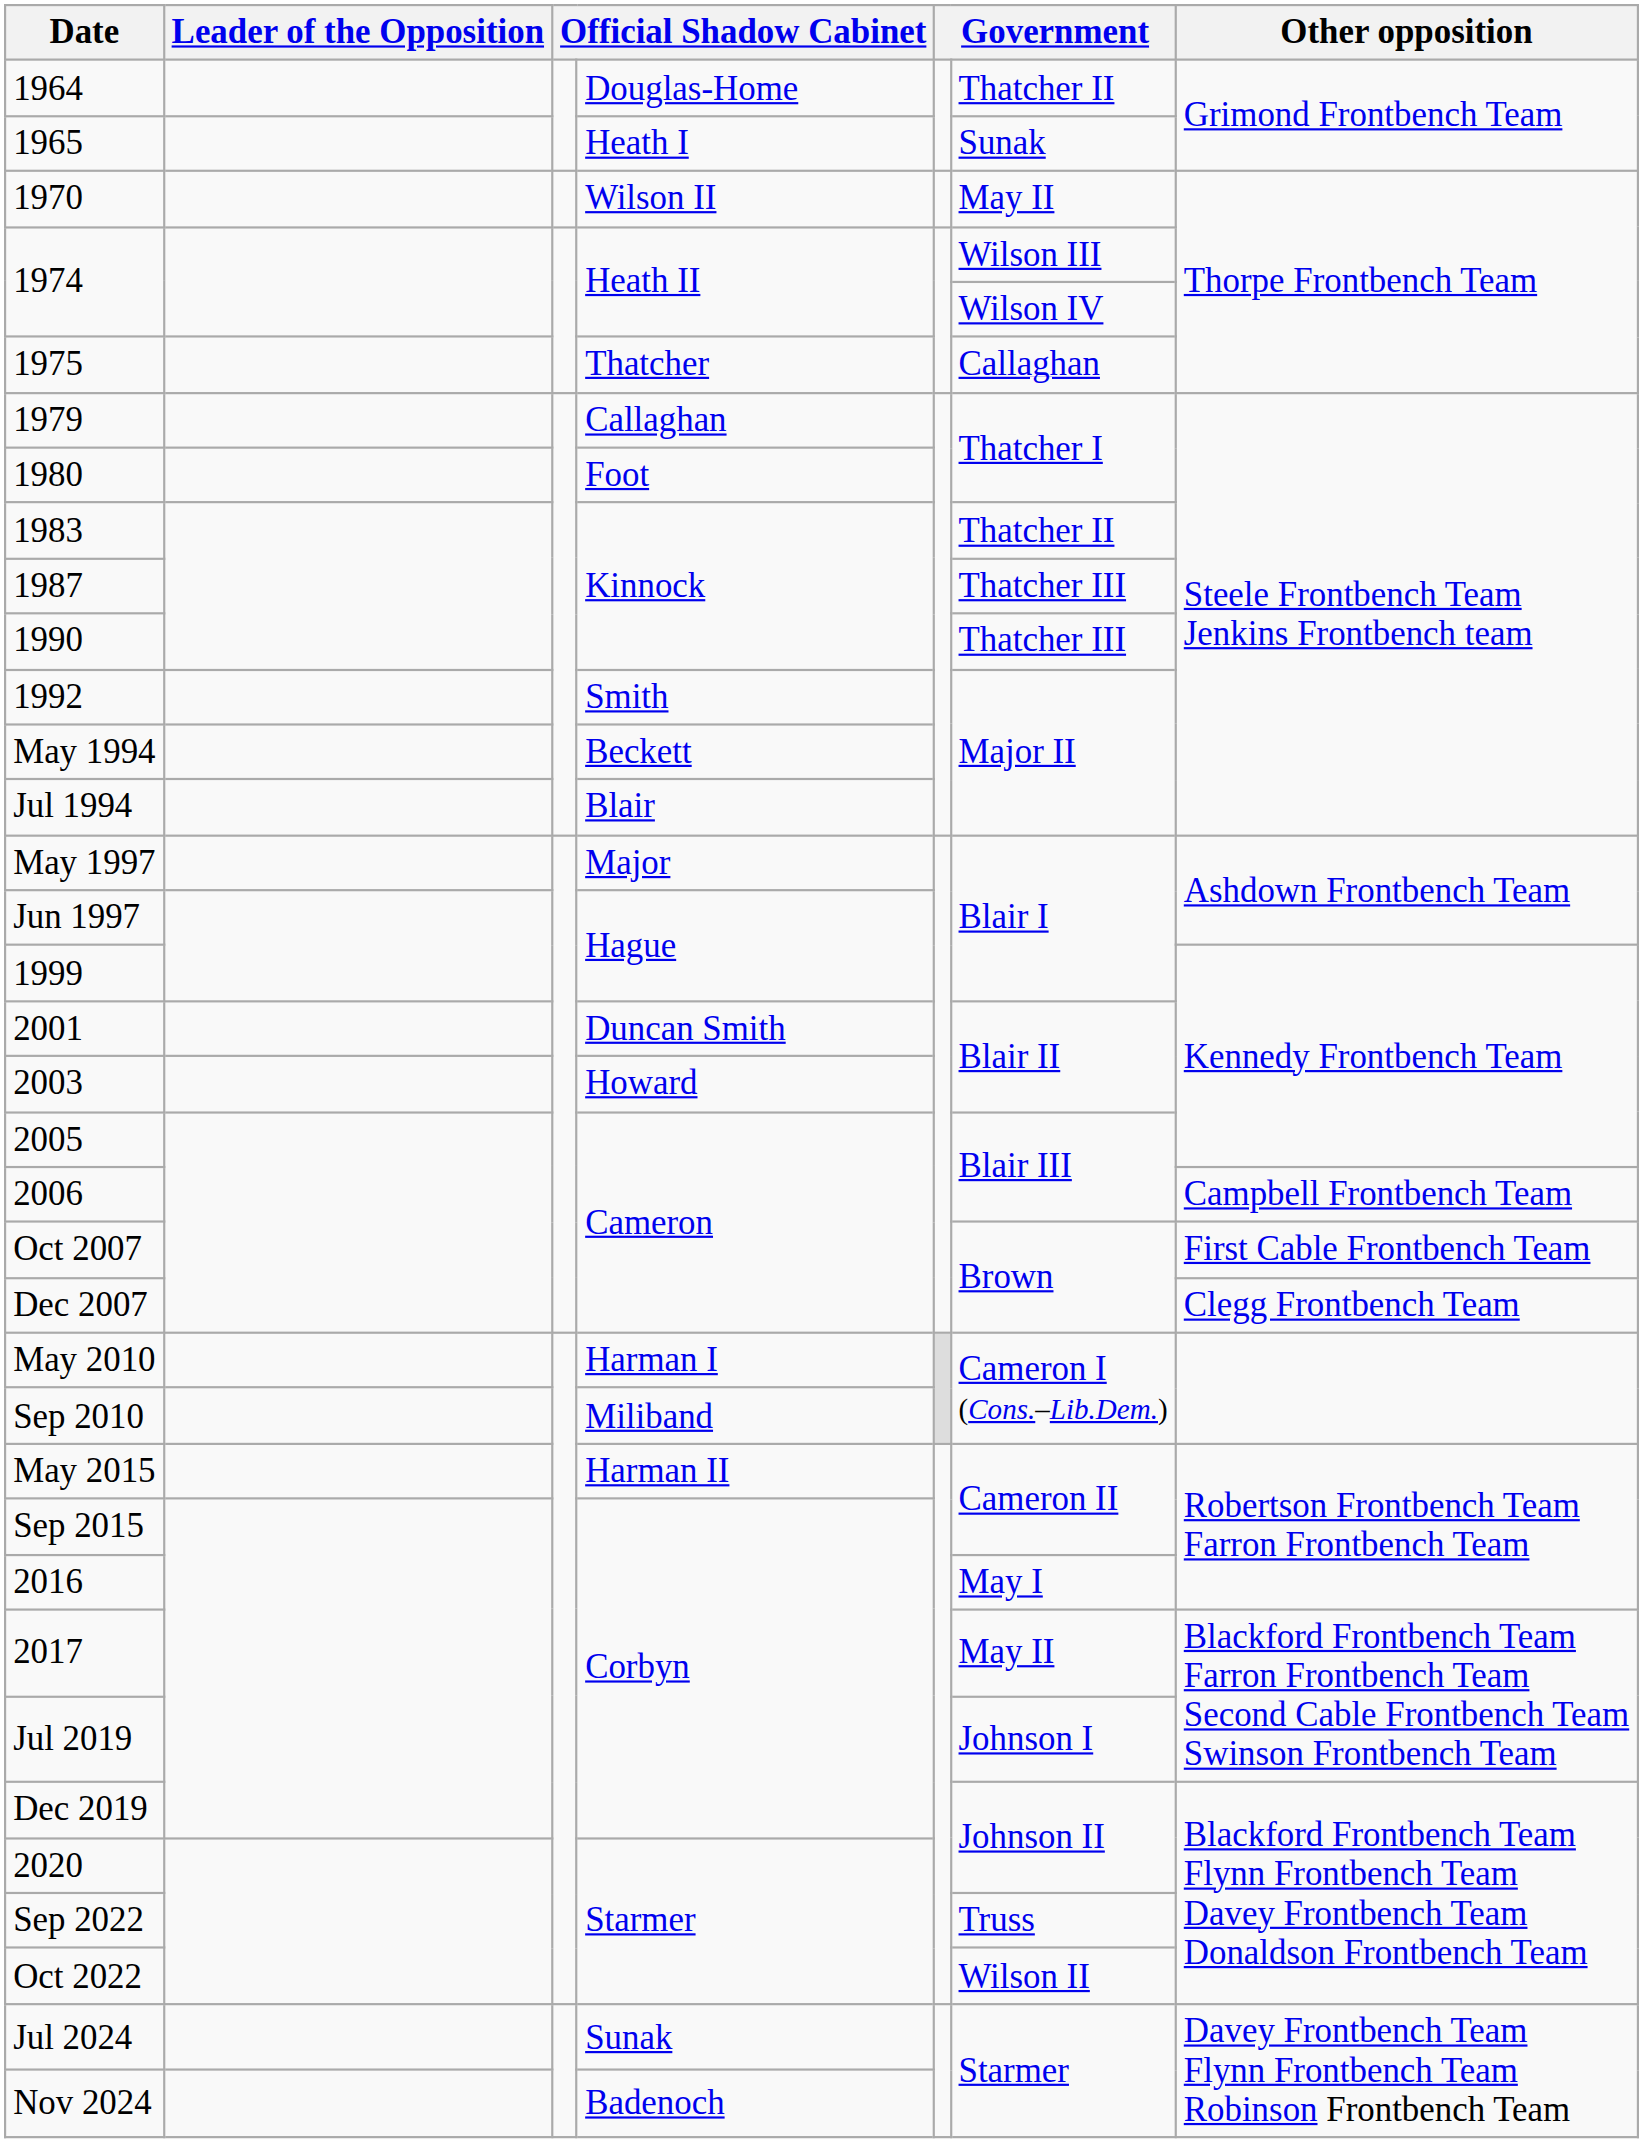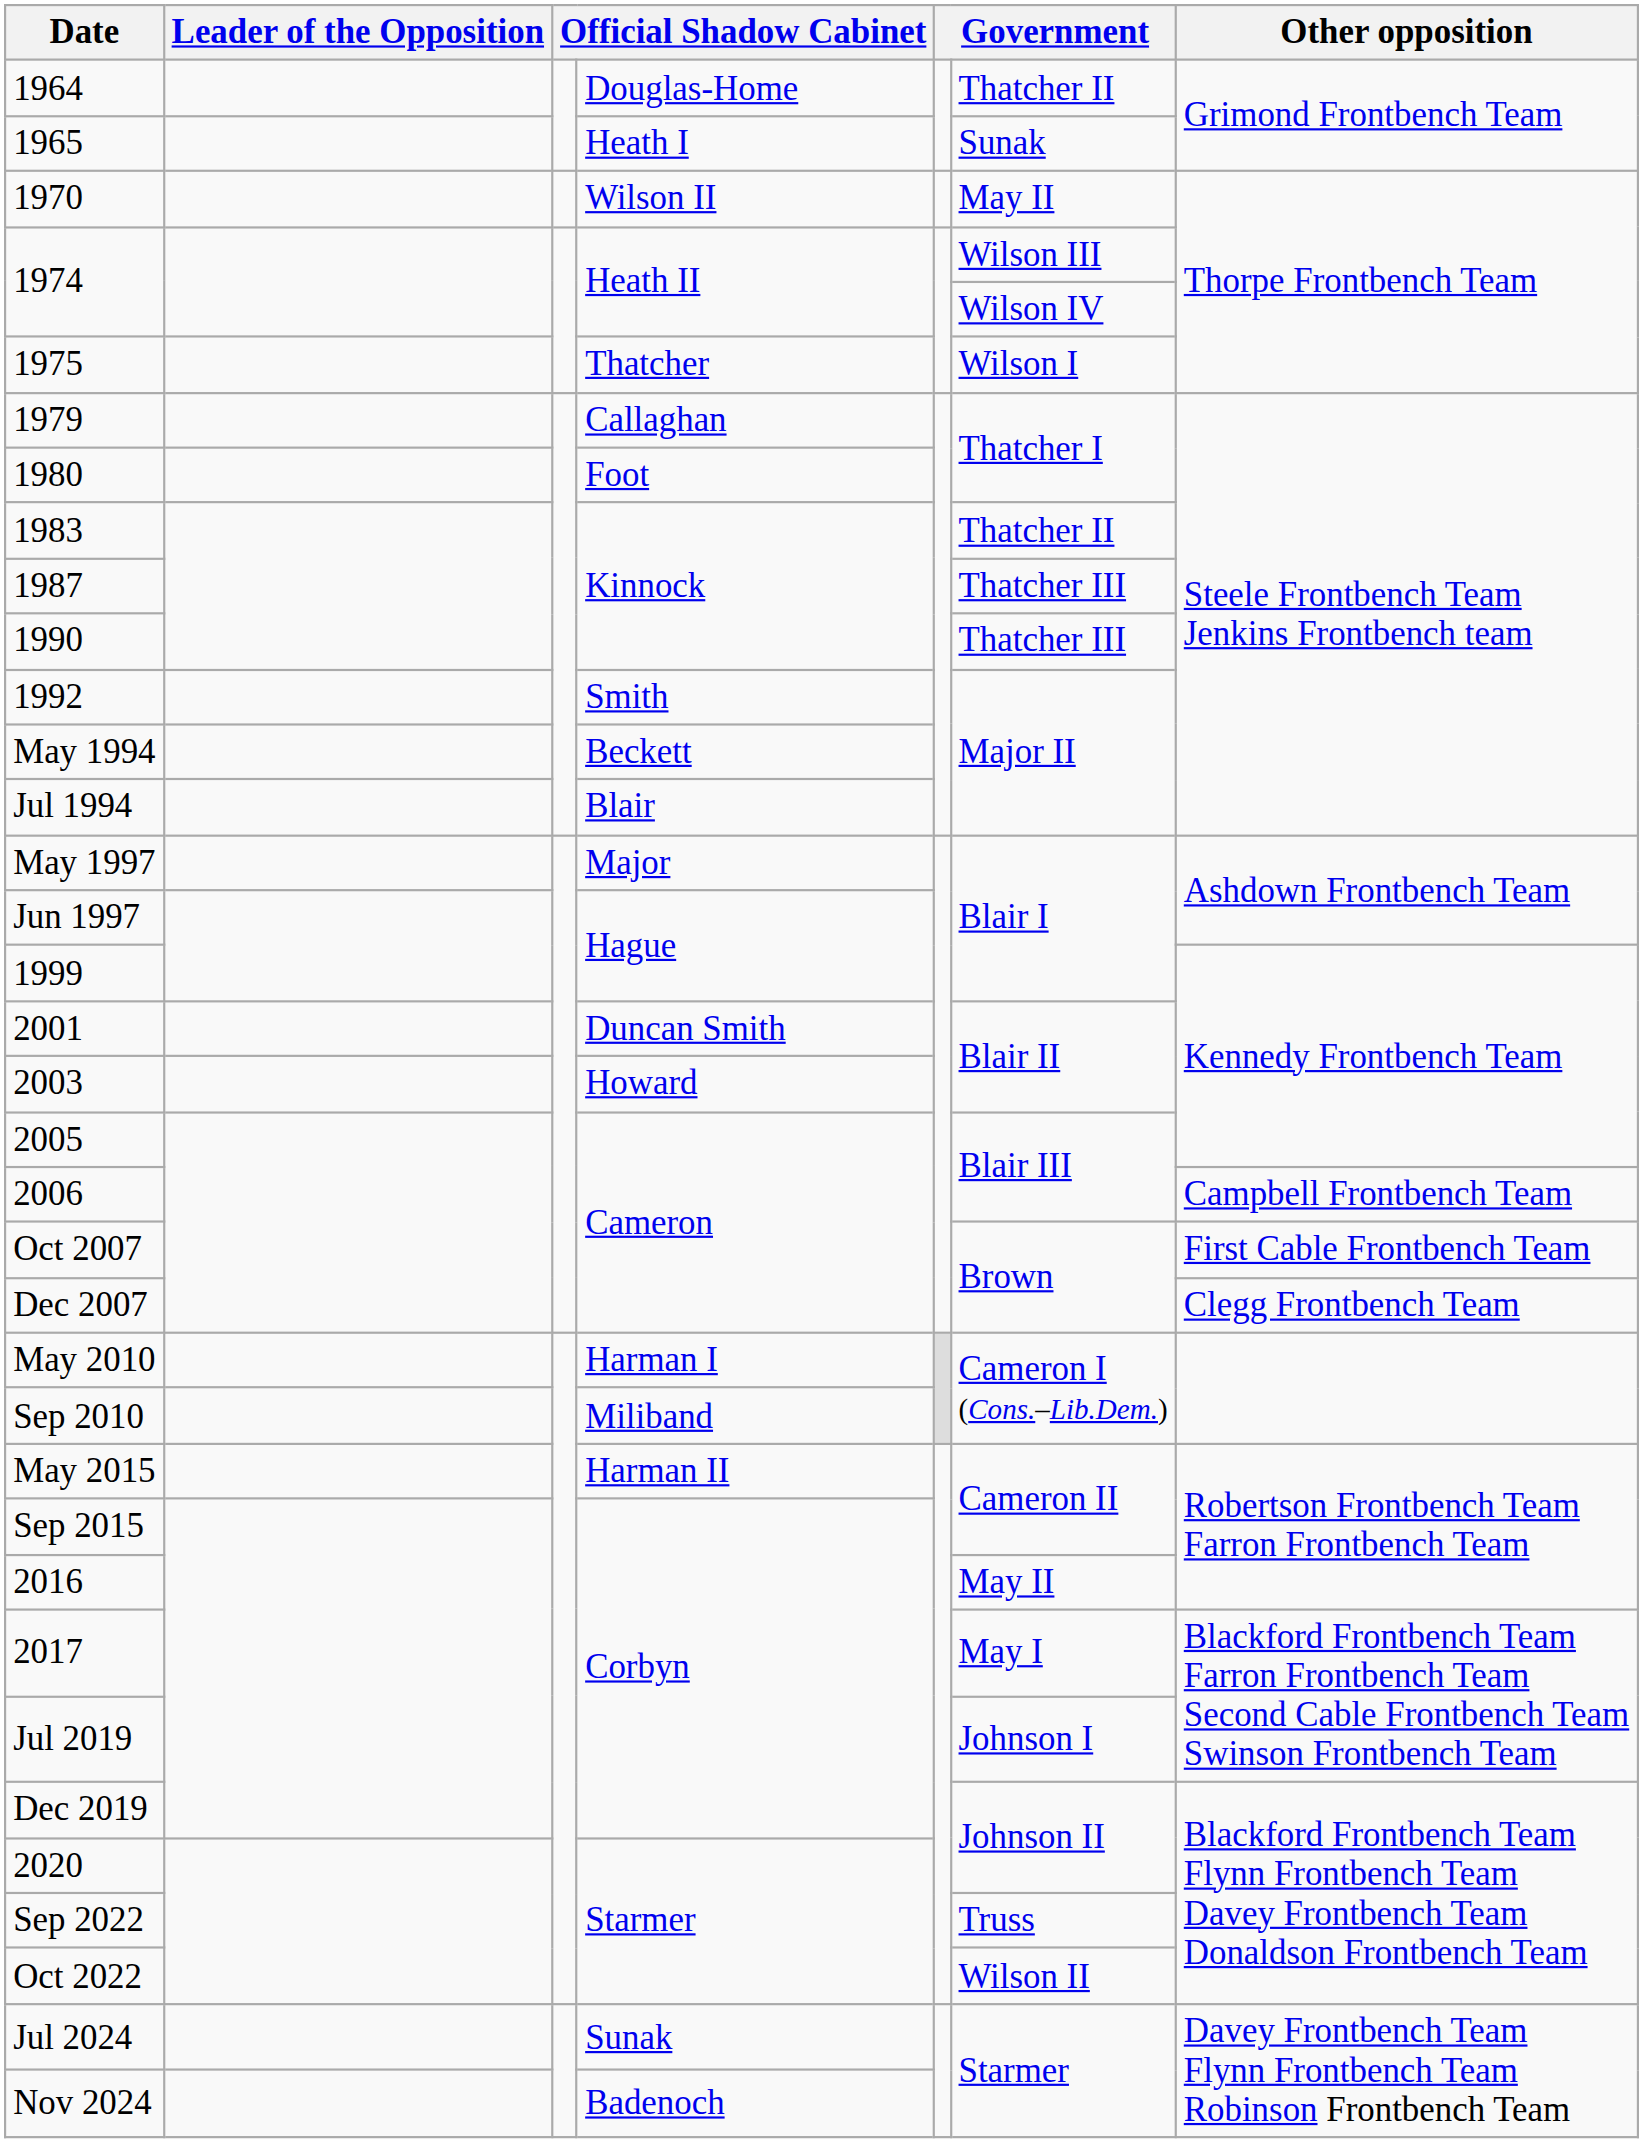 <table class="sortable wikitable">
 <tr>
 <th>Date</th>
 <th><a href='#'>Leader of the Opposition</a></th>
 <th colspan="2"><a href='#'>Official Shadow Cabinet</a></th>
 <th colspan="2"><a href='#'>Government</a></th>
 <th>Other opposition</th>
 </tr>
 <tr>
 <td>1964</td>
 <td></td>
 <td rowspan="2" style="background: "></td>
 <td><a href='#'>Douglas-Home</a></td>
 <td rowspan="2" style="background: "></td>
 <td><a href='#'>Thatcher II</a></td>
 <td rowspan="2"> <a href='#'>Grimond Frontbench Team</a></td>
 </tr>
 <tr>
 <td>1965</td>
 <td></td>
 <td><a href='#'>Heath I</a></td>
 <td><a href='#'>Sunak</a></td>
 </tr>
 <tr>
 <td>1970</td>
 <td></td>
 <td style="background: "></td>
 <td><a href='#'>Wilson II</a></td>
 <td style="background: "></td>
 <td><a href='#'>May II</a></td>
 <td rowspan="4"> <a href='#'>Thorpe Frontbench Team</a></td>
 </tr>
 <tr>
 <td rowspan="2">1974</td>
 <td rowspan="2"></td>
 <td rowspan="3" style="background: "></td>
 <td rowspan="2"><a href='#'>Heath II</a></td>
 <td rowspan="3" style="background: "></td>
 <td><a href='#'>Wilson III</a></td>
 </tr>
 <tr>
 <td><a href='#'>Wilson IV</a></td>
 </tr>
 <tr>
 <td>1975</td>
 <td></td>
 <td><a href='#'>Thatcher</a></td>
-<td><a href='#'>Callaghan</a></td>
+<td><a href='#'>Wilson I</a></td>
 </tr>
 <tr>
 <td>1979</td>
 <td></td>
 <td rowspan="8" style="background: "></td>
 <td><a href='#'>Callaghan</a></td>
 <td rowspan="8" style="background: "></td>
 <td rowspan="2"><a href='#'>Thatcher I</a></td>
 <td rowspan="8"> <a href='#'>Steele Frontbench Team</a><br> <a href='#'>Jenkins Frontbench team</a></td>
 </tr>
 <tr>
 <td>1980</td>
 <td></td>
 <td><a href='#'>Foot</a></td>
 </tr>
 <tr>
 <td>1983</td>
 <td rowspan="3"></td>
 <td rowspan="3"><a href='#'>Kinnock</a></td>
 <td><a href='#'>Thatcher II</a></td>
 </tr>
 <tr>
 <td>1987</td>
 <td><a href='#'>Thatcher III</a></td>
 </tr>
 <tr>
 <td>1990</td>
 <td><a href='#'>Thatcher III</a></td>
 </tr>
 <tr>
 <td>1992</td>
 <td></td>
 <td><a href='#'>Smith</a></td>
 <td rowspan="3"><a href='#'>Major II</a></td>
 </tr>
 <tr>
 <td>May 1994</td>
 <td></td>
 <td><a href='#'>Beckett</a></td>
 </tr>
 <tr>
 <td>Jul 1994</td>
 <td></td>
 <td><a href='#'>Blair</a></td>
 </tr>
 <tr>
 <td>May 1997</td>
 <td></td>
 <td rowspan="9" style="background: "></td>
 <td><a href='#'>Major</a></td>
 <td rowspan="9" style="background: "></td>
 <td rowspan="3"><a href='#'>Blair I</a></td>
 <td rowspan="2"> <a href='#'>Ashdown Frontbench Team</a></td>
 </tr>
 <tr>
 <td>Jun 1997</td>
 <td rowspan="2"></td>
 <td rowspan="2"><a href='#'>Hague</a></td>
 </tr>
 <tr>
 <td>1999</td>
 <td rowspan="4"> <a href='#'>Kennedy Frontbench Team</a></td>
 </tr>
 <tr>
 <td>2001</td>
 <td></td>
 <td><a href='#'>Duncan Smith</a></td>
 <td rowspan="2"><a href='#'>Blair II</a></td>
 </tr>
 <tr>
 <td>2003</td>
 <td></td>
 <td><a href='#'>Howard</a></td>
 </tr>
 <tr>
 <td>2005</td>
 <td rowspan="4"></td>
 <td rowspan="4"><a href='#'>Cameron</a></td>
 <td rowspan="2"><a href='#'>Blair III</a></td>
 </tr>
 <tr>
 <td>2006</td>
 <td> <a href='#'>Campbell Frontbench Team</a></td>
 </tr>
 <tr>
 <td>Oct 2007</td>
 <td rowspan="2"><a href='#'>Brown</a></td>
 <td> <a href='#'>First Cable Frontbench Team</a></td>
 </tr>
 <tr>
 <td>Dec 2007</td>
 <td> <a href='#'>Clegg Frontbench Team</a></td>
 </tr>
 <tr>
 <td>May 2010</td>
 <td></td>
 <td rowspan="11" style="background: "></td>
 <td><a href='#'>Harman I</a></td>
 <td rowspan="2" style="background:#ddd;"></td>
 <td rowspan="2"><a href='#'>Cameron I</a><br><small>(<em><a href='#'>Cons.</a>–<a href='#'>Lib.Dem.</a></em>)</small></td>
 <td rowspan="2"></td>
 </tr>
 <tr>
 <td>Sep 2010</td>
 <td></td>
 <td><a href='#'>Miliband</a></td>
 </tr>
 <tr>
 <td>May 2015</td>
 <td></td>
 <td><a href='#'>Harman II</a></td>
 <td rowspan="9" style="background: "></td>
 <td rowspan="2"><a href='#'>Cameron II</a></td>
 <td rowspan="3"> <a href='#'>Robertson Frontbench Team</a><br> <a href='#'>Farron Frontbench Team</a></td>
 </tr>
 <tr>
 <td>Sep 2015</td>
 <td rowspan="5"></td>
 <td rowspan="5"><a href='#'>Corbyn</a></td>
 </tr>
 <tr>
 <td>2016</td>
-<td><a href='#'>May I</a></td>
+<td><a href='#'>May II</a></td>
 </tr>
 <tr>
 <td>2017</td>
-<td><a href='#'>May II</a></td>
+<td><a href='#'>May I</a></td>
 <td rowspan="2"> <a href='#'>Blackford Frontbench Team</a><br> <a href='#'>Farron Frontbench Team</a> <br> <a href='#'>Second Cable Frontbench Team</a><br> <a href='#'>Swinson Frontbench Team</a></td>
 </tr>
 <tr>
 <td>Jul 2019</td>
 <td><a href='#'>Johnson I</a></td>
 </tr>
 <tr>
 <td>Dec 2019</td>
 <td rowspan="2"><a href='#'>Johnson II</a></td>
 <td rowspan="4"> <a href='#'>Blackford Frontbench Team</a><br> <a href='#'>Flynn Frontbench Team</a><br> <a href='#'>Davey Frontbench Team</a><br> <a href='#'>Donaldson Frontbench Team</a></td>
 </tr>
 <tr>
 <td>2020</td>
 <td rowspan="3"></td>
 <td rowspan="3"><a href='#'>Starmer</a></td>
 </tr>
 <tr>
 <td>Sep 2022</td>
 <td><a href='#'>Truss</a></td>
 </tr>
 <tr>
 <td>Oct 2022</td>
 <td><a href='#'>Wilson II</a></td>
 </tr>
 <tr>
 <td>Jul 2024</td>
 <td></td>
 <td rowspan="2" style="background: "></td>
 <td><a href='#'>Sunak</a></td>
 <td rowspan="2" style="background: "></td>
 <td rowspan="2"><a href='#'>Starmer</a></td>
 <td rowspan="2"> <a href='#'>Davey Frontbench Team</a><br> <a href='#'>Flynn Frontbench Team</a><br> <a href='#'>Robinson</a> Frontbench Team</td>
 </tr>
 <tr>
 <td>Nov 2024</td>
 <td></td>
 <td><a href='#'>Badenoch</a></td>
 </tr>
 </table>
